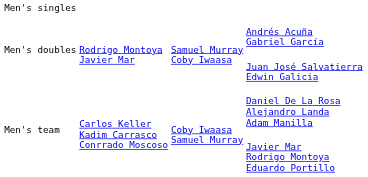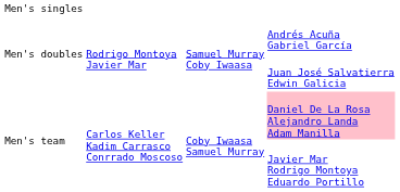 <table>
 <tr>
 <td rowspan=2>Men's singles<br></td>
 <td rowspan=2></td>
 <td rowspan=2></td>
 <td></td>
 </tr>
 <tr>
 <td></td>
 </tr>
 <tr>
 <td rowspan=2>Men's doubles<br></td>
 <td rowspan=2><br><a href='#'>Rodrigo Montoya</a><br><a href='#'>Javier Mar</a></td>
 <td rowspan=2><br><a href='#'>Samuel Murray</a><br><a href='#'>Coby Iwaasa</a></td>
 <td><br><a href='#'>Andrés Acuña</a><br><a href='#'>Gabriel García</a></td>
 </tr>
 <tr>
 <td><br><a href='#'>Juan José Salvatierra</a><br><a href='#'>Edwin Galicia</a></td>
 </tr>
 <tr>
 <td rowspan=2>Men's team<br></td>
 <td rowspan=2><br> <a href='#'>Carlos Keller</a> <br><a href='#'>Kadim Carrasco</a><br><a href='#'>Conrrado Moscoso</a></td>
 <td rowspan=2><br> <a href='#'>Coby Iwaasa</a><br><a href='#'>Samuel Murray</a></td>
-<td><br> <a href='#'>Daniel De La Rosa</a><br><a href='#'>Alejandro Landa</a><br><a href='#'>Adam Manilla</a></td>
+<td style="background: pink;"><br> <a href='#'>Daniel De La Rosa</a><br><a href='#'>Alejandro Landa</a><br><a href='#'>Adam Manilla</a></td>
 </tr>
 <tr>
 <td><br> <a href='#'>Javier Mar</a> <br><a href='#'>Rodrigo Montoya</a><br><a href='#'>Eduardo Portillo</a></td>
 </tr>
 </table>
